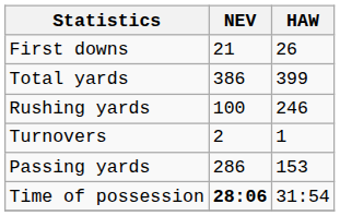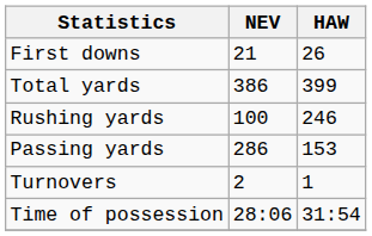 <table class="wikitable" style="float: left;">
 <tr>
 <th>Statistics</th>
 <th>NEV</th>
 <th>HAW</th>
 </tr>
 <tr>
 <td>First downs</td>
 <td>21</td>
 <td>26</td>
 </tr>
 <tr>
 <td>Total yards</td>
 <td>386</td>
 <td>399</td>
 </tr>
 <tr>
 <td>Rushing yards</td>
 <td>100</td>
 <td>246</td>
 </tr>
 <tr>
+<td>Passing yards</td>
+<td>286</td>
+<td>153</td>
+</tr>
+<tr>
 <td>Turnovers</td>
 <td>2</td>
 <td>1</td>
 </tr>
 <tr>
-<td>Passing yards</td>
-<td>286</td>
-<td>153</td>
-</tr>
-<tr>
 <td>Time of possession</td>
-<td><strong>28:06</strong></td>
+<td>28:06</td>
 <td>31:54</td>
 </tr>
 <tr>
 </tr>
 </table>
